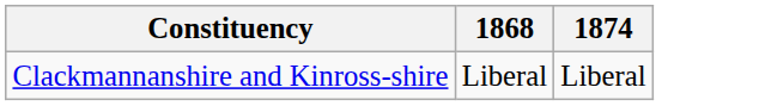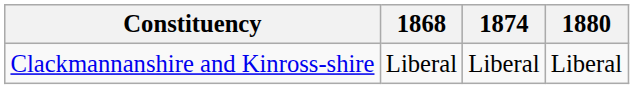 <table class="wikitable">
 <tr>
 <th>Constituency</th>
 <th>1868</th>
 <th>1874</th>
+<th>1880</th>
 </tr>
 <tr>
 <td><a href='#'>Clackmannanshire and Kinross-shire</a></td>
 <td>Liberal</td>
 <td>Liberal</td>
+<td>Liberal</td>
 </tr>
 </table>
